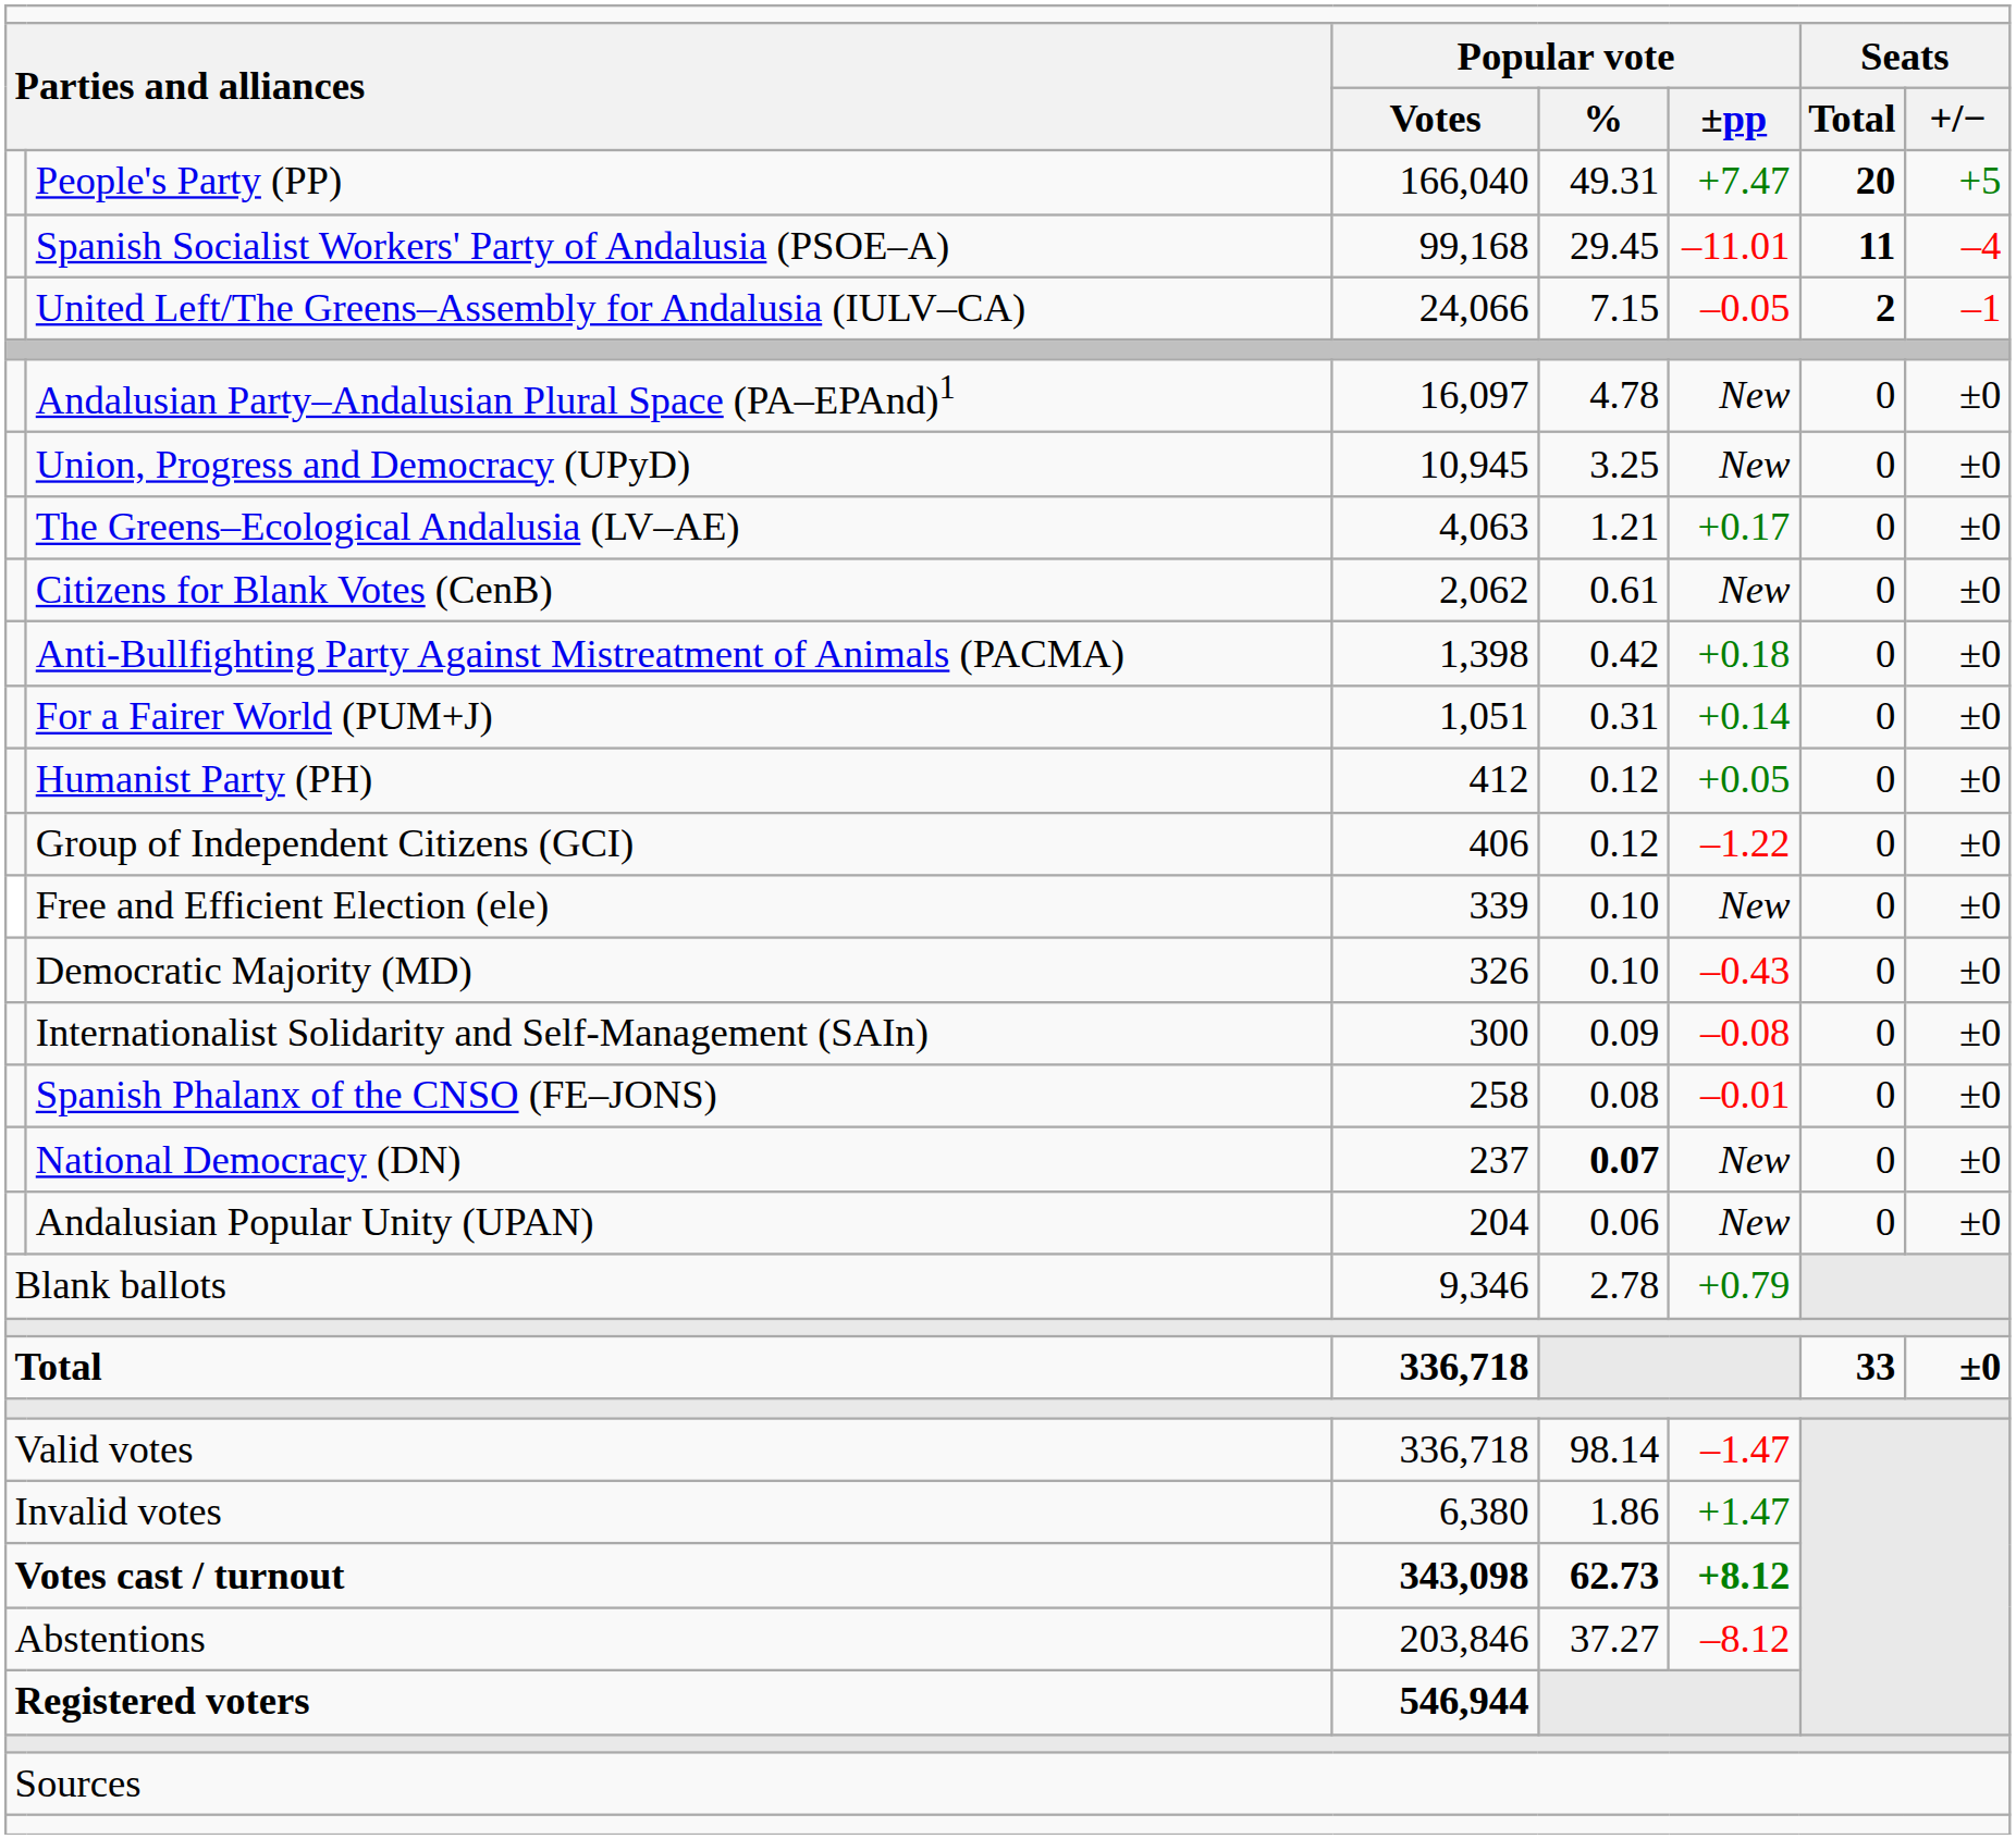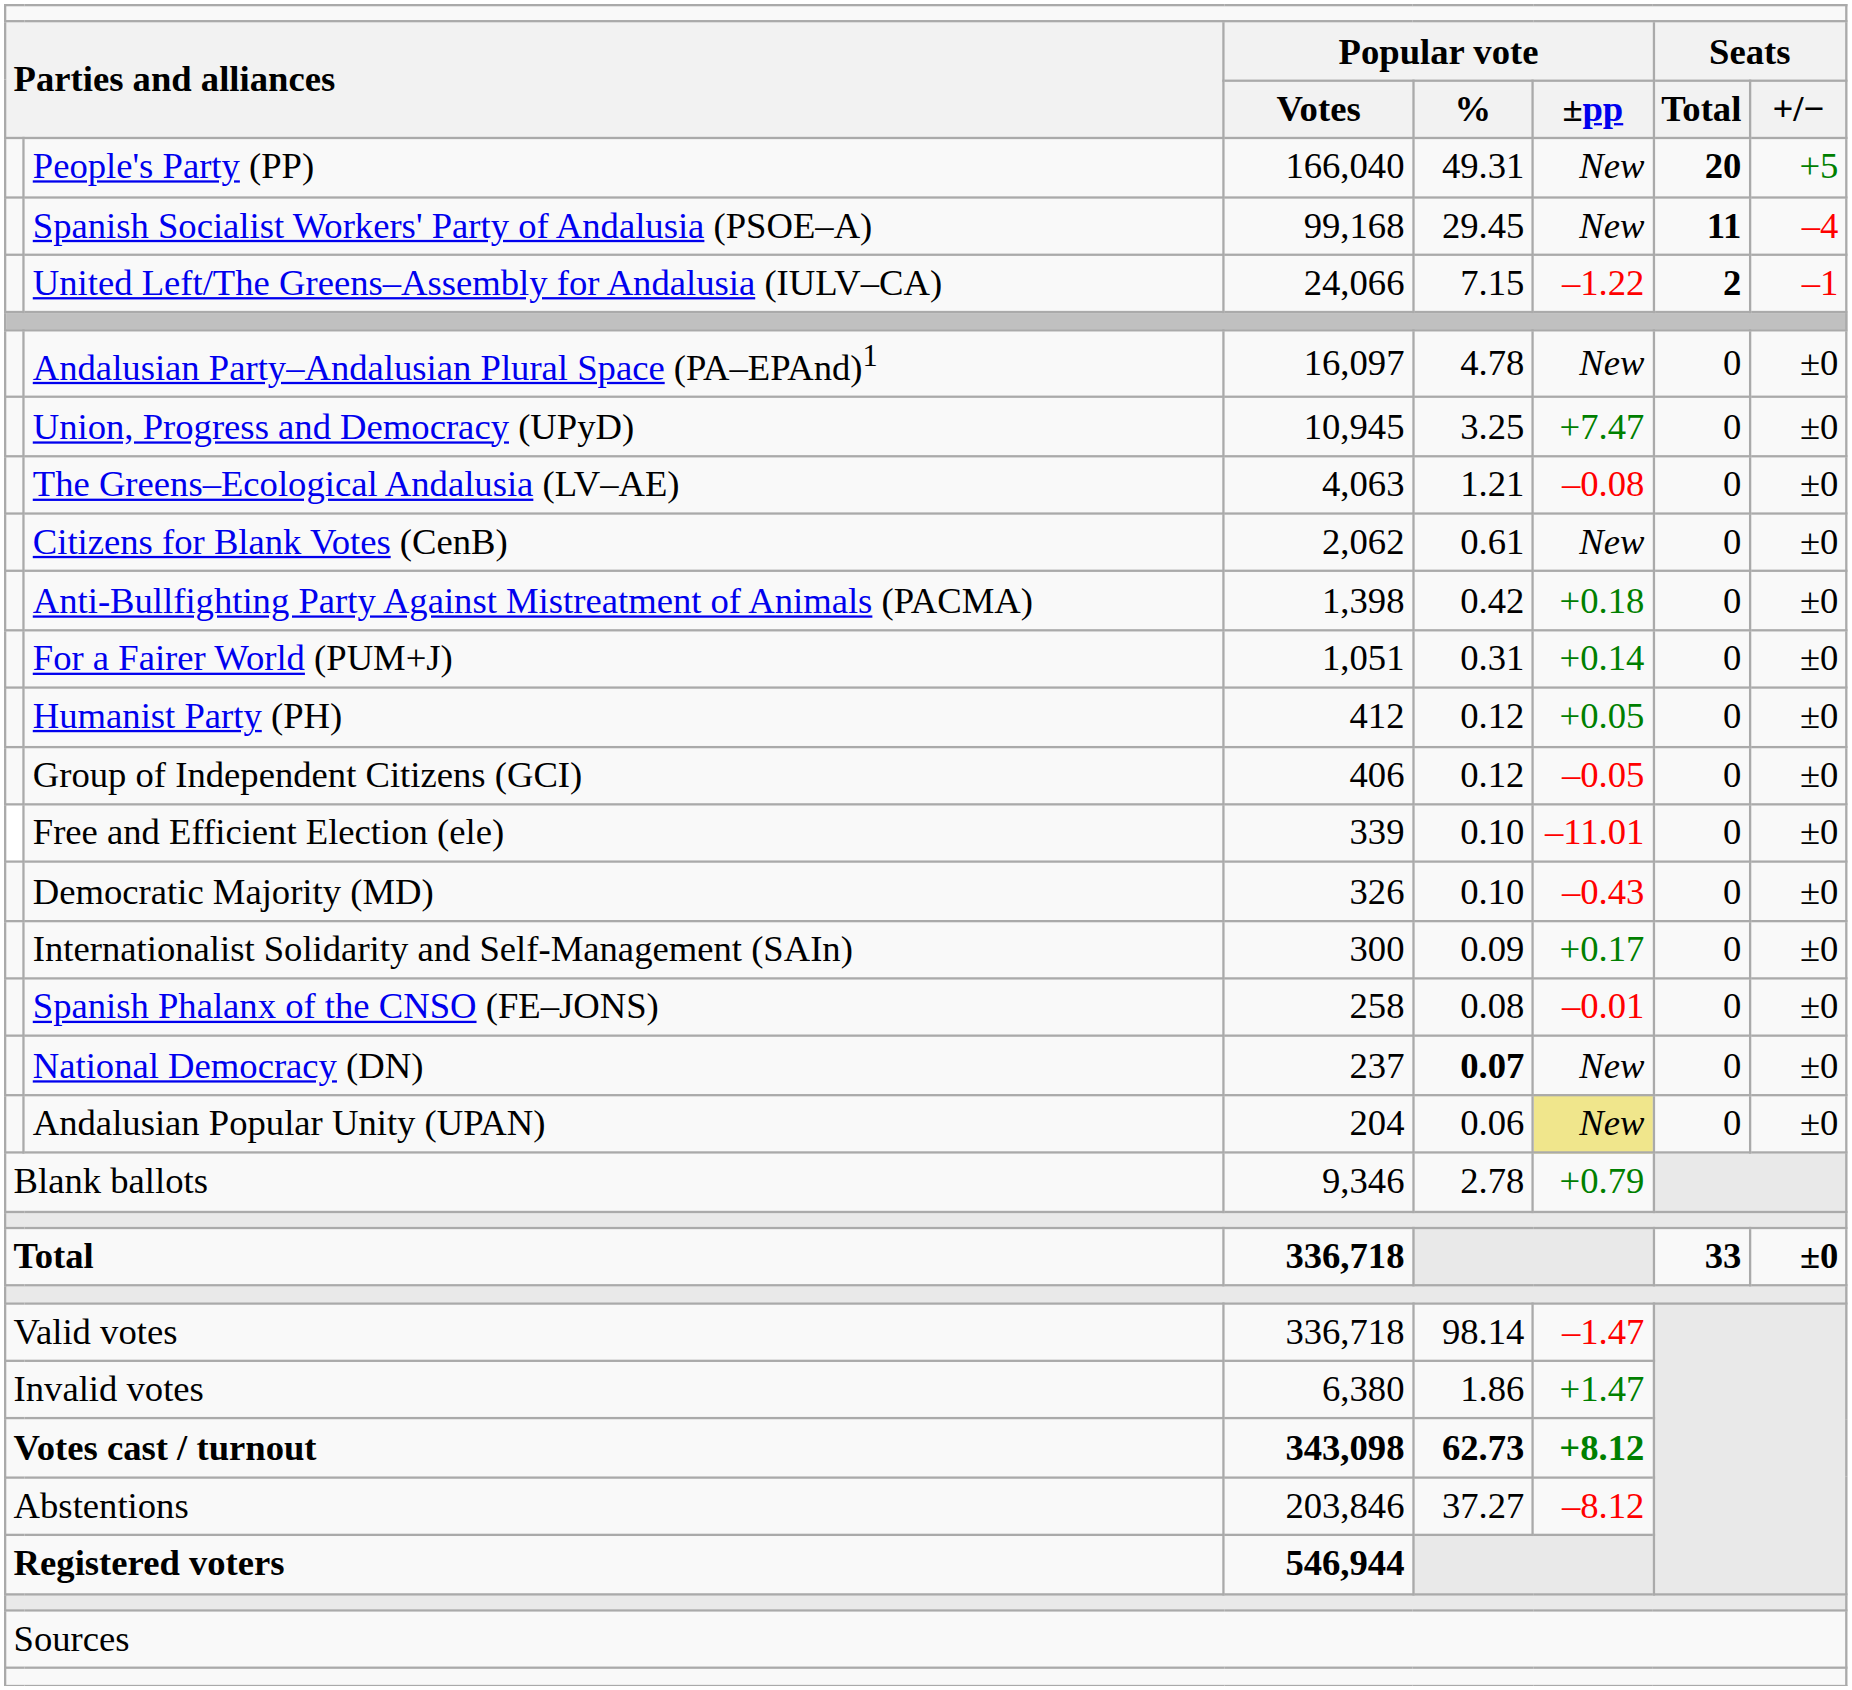 <table class="wikitable" style="text-align:right;">
 <tr>
 <td colspan="7"></td>
 </tr>
 <tr>
 <th style="text-align:left;" rowspan="2" colspan="2" width="525">Parties and alliances</th>
 <th colspan="3">Popular vote</th>
 <th colspan="2">Seats</th>
 </tr>
 <tr>
 <th width="75">Votes</th>
 <th width="45">%</th>
 <th width="45">±<a href='#'>pp</a></th>
 <th width="35">Total</th>
 <th width="35">+/−</th>
 </tr>
 <tr>
 <td width="1" style="color:inherit;background:"></td>
 <td align="left"><a href='#'>People's Party</a> (PP)</td>
 <td>166,040</td>
 <td>49.31</td>
-<td style="color:green;">+7.47</td>
+<td><em>New</em></td>
 <td><strong>20</strong></td>
 <td style="color:green;">+5</td>
 </tr>
 <tr>
 <td style="color:inherit;background:"></td>
 <td align="left"><a href='#'>Spanish Socialist Workers' Party of Andalusia</a> (PSOE–A)</td>
 <td>99,168</td>
 <td>29.45</td>
-<td style="color:red;">–11.01</td>
+<td><em>New</em></td>
 <td><strong>11</strong></td>
 <td style="color:red;">–4</td>
 </tr>
 <tr>
 <td style="color:inherit;background:"></td>
 <td align="left"><a href='#'>United Left/The Greens–Assembly for Andalusia</a> (IULV–CA)</td>
 <td>24,066</td>
 <td>7.15</td>
-<td style="color:red;">–0.05</td>
+<td style="color:red;">–1.22</td>
 <td><strong>2</strong></td>
 <td style="color:red;">–1</td>
 </tr>
 <tr>
 <td colspan="7" bgcolor="#C0C0C0"></td>
 </tr>
 <tr>
 <td style="color:inherit;background:"></td>
 <td align="left"><a href='#'>Andalusian Party–Andalusian Plural Space</a> (PA–EPAnd)<sup>1</sup></td>
 <td>16,097</td>
 <td>4.78</td>
 <td><em>New</em></td>
 <td>0</td>
 <td>±0</td>
 </tr>
 <tr>
 <td style="color:inherit;background:"></td>
 <td align="left"><a href='#'>Union, Progress and Democracy</a> (UPyD)</td>
 <td>10,945</td>
 <td>3.25</td>
-<td><em>New</em></td>
+<td style="color:green;">+7.47</td>
 <td>0</td>
 <td>±0</td>
 </tr>
 <tr>
 <td style="color:inherit;background:"></td>
 <td align="left"><a href='#'>The Greens–Ecological Andalusia</a> (LV–AE)</td>
 <td>4,063</td>
 <td>1.21</td>
-<td style="color:green;">+0.17</td>
+<td style="color:red;">–0.08</td>
 <td>0</td>
 <td>±0</td>
 </tr>
 <tr>
 <td style="color:inherit;background:"></td>
 <td align="left"><a href='#'>Citizens for Blank Votes</a> (CenB)</td>
 <td>2,062</td>
 <td>0.61</td>
 <td><em>New</em></td>
 <td>0</td>
 <td>±0</td>
 </tr>
 <tr>
 <td style="color:inherit;background:"></td>
 <td align="left"><a href='#'>Anti-Bullfighting Party Against Mistreatment of Animals</a> (PACMA)</td>
 <td>1,398</td>
 <td>0.42</td>
 <td style="color:green;">+0.18</td>
 <td>0</td>
 <td>±0</td>
 </tr>
 <tr>
 <td style="color:inherit;background:"></td>
 <td align="left"><a href='#'>For a Fairer World</a> (PUM+J)</td>
 <td>1,051</td>
 <td>0.31</td>
 <td style="color:green;">+0.14</td>
 <td>0</td>
 <td>±0</td>
 </tr>
 <tr>
 <td style="color:inherit;background:"></td>
 <td align="left"><a href='#'>Humanist Party</a> (PH)</td>
 <td>412</td>
 <td>0.12</td>
 <td style="color:green;">+0.05</td>
 <td>0</td>
 <td>±0</td>
 </tr>
 <tr>
 <td style="color:inherit;background:"></td>
 <td align="left">Group of Independent Citizens (GCI)</td>
 <td>406</td>
 <td>0.12</td>
-<td style="color:red;">–1.22</td>
+<td style="color:red;">–0.05</td>
 <td>0</td>
 <td>±0</td>
 </tr>
 <tr>
 <td bgcolor="white"></td>
 <td align="left">Free and Efficient Election (ele)</td>
 <td>339</td>
 <td>0.10</td>
-<td><em>New</em></td>
+<td style="color:red;">–11.01</td>
 <td>0</td>
 <td>±0</td>
 </tr>
 <tr>
 <td style="color:inherit;background:"></td>
 <td align="left">Democratic Majority (MD)</td>
 <td>326</td>
 <td>0.10</td>
 <td style="color:red;">–0.43</td>
 <td>0</td>
 <td>±0</td>
 </tr>
 <tr>
 <td style="color:inherit;background:"></td>
 <td align="left">Internationalist Solidarity and Self-Management (SAIn)</td>
 <td>300</td>
 <td>0.09</td>
-<td style="color:red;">–0.08</td>
+<td style="color:green;">+0.17</td>
 <td>0</td>
 <td>±0</td>
 </tr>
 <tr>
 <td style="color:inherit;background:"></td>
 <td align="left"><a href='#'>Spanish Phalanx of the CNSO</a> (FE–JONS)</td>
 <td>258</td>
 <td>0.08</td>
 <td style="color:red;">–0.01</td>
 <td>0</td>
 <td>±0</td>
 </tr>
 <tr>
 <td style="color:inherit;background:"></td>
 <td align="left"><a href='#'>National Democracy</a> (DN)</td>
 <td>237</td>
 <td><strong>0.07</strong></td>
 <td><em>New</em></td>
 <td>0</td>
 <td>±0</td>
 </tr>
 <tr>
 <td style="color:inherit;background:"></td>
 <td align="left">Andalusian Popular Unity (UPAN)</td>
 <td>204</td>
 <td>0.06</td>
-<td><em>New</em></td>
+<td style="background: khaki;"><em>New</em></td>
 <td>0</td>
 <td>±0</td>
 </tr>
 <tr>
 <td align="left" colspan="2">Blank ballots</td>
 <td>9,346</td>
 <td>2.78</td>
 <td style="color:green;">+0.79</td>
 <td bgcolor="#E9E9E9" colspan="2"></td>
 </tr>
 <tr>
 <td colspan="7" bgcolor="#E9E9E9"></td>
 </tr>
 <tr style="font-weight:bold;">
 <td align="left" colspan="2">Total</td>
 <td>336,718</td>
 <td bgcolor="#E9E9E9" colspan="2"></td>
 <td>33</td>
 <td>±0</td>
 </tr>
 <tr>
 <td colspan="7" bgcolor="#E9E9E9"></td>
 </tr>
 <tr>
 <td align="left" colspan="2">Valid votes</td>
 <td>336,718</td>
 <td>98.14</td>
 <td style="color:red;">–1.47</td>
 <td bgcolor="#E9E9E9" colspan="2" rowspan="5"></td>
 </tr>
 <tr>
 <td align="left" colspan="2">Invalid votes</td>
 <td>6,380</td>
 <td>1.86</td>
 <td style="color:green;">+1.47</td>
 </tr>
 <tr style="font-weight:bold;">
 <td align="left" colspan="2">Votes cast / turnout</td>
 <td>343,098</td>
 <td>62.73</td>
 <td style="color:green;">+8.12</td>
 </tr>
 <tr>
 <td align="left" colspan="2">Abstentions</td>
 <td>203,846</td>
 <td>37.27</td>
 <td style="color:red;">–8.12</td>
 </tr>
 <tr style="font-weight:bold;">
 <td align="left" colspan="2">Registered voters</td>
 <td>546,944</td>
 <td bgcolor="#E9E9E9" colspan="2"></td>
 </tr>
 <tr>
 <td colspan="7" bgcolor="#E9E9E9"></td>
 </tr>
 <tr>
 <td align="left" colspan="7">Sources</td>
 </tr>
 <tr>
 <td colspan="7" style="text-align:left; max-width:790px;"></td>
 </tr>
 </table>
